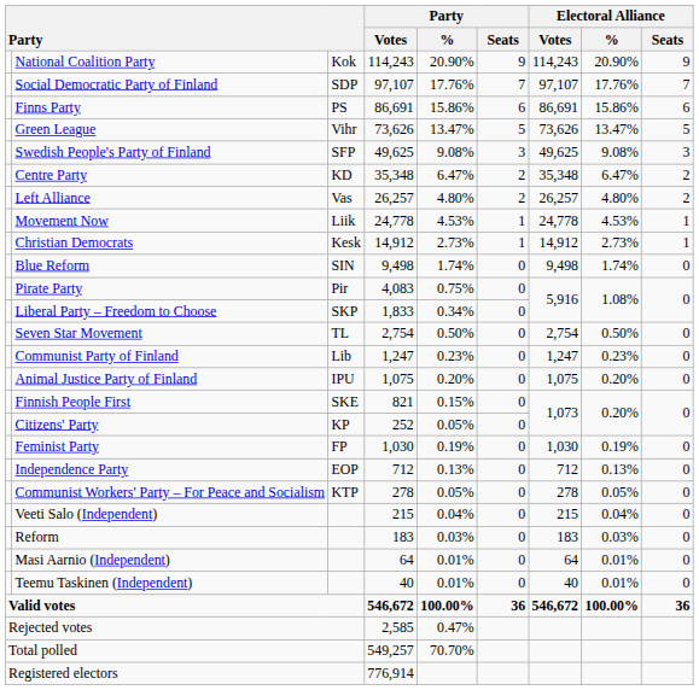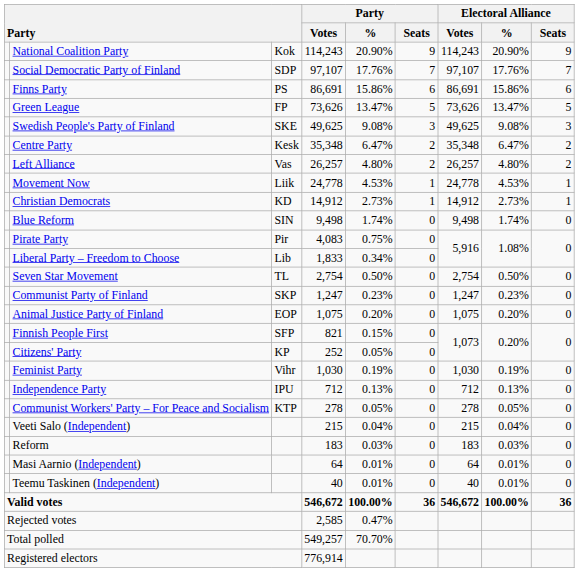 <table class="wikitable" border="1" style="text-align:right;">
 <tr>
 <th style="text-align:left;" valign=bottom rowspan=2 colspan=3>Party</th>
 <th colspan=3>Party</th>
 <th colspan=3>Electoral Alliance</th>
 </tr>
 <tr>
 <th align=center valign=bottom width="50">Votes</th>
 <th align=center valign=bottom width="50">%</th>
 <th align=center valign=bottom width="50">Seats</th>
 <th align=center valign=bottom width="50">Votes</th>
 <th align=center valign=bottom width="50">%</th>
 <th align=center valign=bottom width="50">Seats</th>
 </tr>
 <tr>
 <td></td>
 <td align=left><a href='#'>National Coalition Party</a></td>
 <td align=left>Kok</td>
 <td>114,243</td>
 <td>20.90%</td>
 <td>9</td>
 <td>114,243</td>
 <td>20.90%</td>
 <td>9</td>
 </tr>
 <tr>
 <td></td>
 <td align=left style="white-space: nowrap;"><a href='#'>Social Democratic Party of Finland</a></td>
 <td align=left>SDP</td>
 <td>97,107</td>
 <td>17.76%</td>
 <td>7</td>
 <td>97,107</td>
 <td>17.76%</td>
 <td>7</td>
 </tr>
 <tr>
 <td></td>
 <td align=left><a href='#'>Finns Party</a></td>
 <td align=left>PS</td>
 <td>86,691</td>
 <td>15.86%</td>
 <td>6</td>
 <td>86,691</td>
 <td>15.86%</td>
 <td>6</td>
 </tr>
 <tr>
 <td></td>
 <td align=left><a href='#'>Green League</a></td>
-<td align=left>Vihr</td>
+<td align=left>FP</td>
 <td>73,626</td>
 <td>13.47%</td>
 <td>5</td>
 <td>73,626</td>
 <td>13.47%</td>
 <td>5</td>
 </tr>
 <tr>
 <td></td>
 <td align=left><a href='#'>Swedish People's Party of Finland</a></td>
-<td align=left>SFP</td>
+<td align=left>SKE</td>
 <td>49,625</td>
 <td>9.08%</td>
 <td>3</td>
 <td>49,625</td>
 <td>9.08%</td>
 <td>3</td>
 </tr>
 <tr>
 <td></td>
 <td align=left><a href='#'>Centre Party</a></td>
-<td align=left>KD</td>
+<td align=left>Kesk</td>
 <td>35,348</td>
 <td>6.47%</td>
 <td>2</td>
 <td>35,348</td>
 <td>6.47%</td>
 <td>2</td>
 </tr>
 <tr>
 <td></td>
 <td align=left><a href='#'>Left Alliance</a></td>
 <td align=left>Vas</td>
 <td>26,257</td>
 <td>4.80%</td>
 <td>2</td>
 <td>26,257</td>
 <td>4.80%</td>
 <td>2</td>
 </tr>
 <tr>
 <td></td>
 <td align=left><a href='#'>Movement Now</a></td>
 <td align=left>Liik</td>
 <td>24,778</td>
 <td>4.53%</td>
 <td>1</td>
 <td>24,778</td>
 <td>4.53%</td>
 <td>1</td>
 </tr>
 <tr>
 <td></td>
 <td align=left><a href='#'>Christian Democrats</a></td>
-<td align=left>Kesk</td>
+<td align=left>KD</td>
 <td>14,912</td>
 <td>2.73%</td>
 <td>1</td>
 <td>14,912</td>
 <td>2.73%</td>
 <td>1</td>
 </tr>
 <tr>
 <td></td>
 <td align=left><a href='#'>Blue Reform</a></td>
 <td align=left>SIN</td>
 <td>9,498</td>
 <td>1.74%</td>
 <td>0</td>
 <td>9,498</td>
 <td>1.74%</td>
 <td>0</td>
 </tr>
 <tr>
 <td></td>
 <td align=left><a href='#'>Pirate Party</a></td>
 <td align=left>Pir</td>
 <td>4,083</td>
 <td>0.75%</td>
 <td>0</td>
 <td rowspan=2>5,916</td>
 <td rowspan=2>1.08%</td>
 <td rowspan=2>0</td>
 </tr>
 <tr>
 <td></td>
 <td align=left><a href='#'>Liberal Party – Freedom to Choose</a></td>
-<td align=left>SKP</td>
+<td align=left>Lib</td>
 <td>1,833</td>
 <td>0.34%</td>
 <td>0</td>
 </tr>
 <tr>
 <td></td>
 <td align=left><a href='#'>Seven Star Movement</a></td>
 <td align=left>TL</td>
 <td>2,754</td>
 <td>0.50%</td>
 <td>0</td>
 <td>2,754</td>
 <td>0.50%</td>
 <td>0</td>
 </tr>
 <tr>
 <td></td>
 <td align=left><a href='#'>Communist Party of Finland</a></td>
-<td align=left>Lib</td>
+<td align=left>SKP</td>
 <td>1,247</td>
 <td>0.23%</td>
 <td>0</td>
 <td>1,247</td>
 <td>0.23%</td>
 <td>0</td>
 </tr>
 <tr>
 <td></td>
 <td align=left><a href='#'>Animal Justice Party of Finland</a></td>
-<td align=left>IPU</td>
+<td align=left>EOP</td>
 <td>1,075</td>
 <td>0.20%</td>
 <td>0</td>
 <td>1,075</td>
 <td>0.20%</td>
 <td>0</td>
 </tr>
 <tr>
 <td></td>
 <td align=left><a href='#'>Finnish People First</a></td>
-<td align=left>SKE</td>
+<td align=left>SFP</td>
 <td>821</td>
 <td>0.15%</td>
 <td>0</td>
 <td rowspan=2>1,073</td>
 <td rowspan=2>0.20%</td>
 <td rowspan=2>0</td>
 </tr>
 <tr>
 <td></td>
 <td align=left><a href='#'>Citizens' Party</a></td>
 <td align=left>KP</td>
 <td>252</td>
 <td>0.05%</td>
 <td>0</td>
 </tr>
 <tr>
 <td></td>
 <td align=left><a href='#'>Feminist Party</a></td>
-<td align=left>FP</td>
+<td align=left>Vihr</td>
 <td>1,030</td>
 <td>0.19%</td>
 <td>0</td>
 <td>1,030</td>
 <td>0.19%</td>
 <td>0</td>
 </tr>
 <tr>
 <td></td>
 <td align=left><a href='#'>Independence Party</a></td>
-<td align=left>EOP</td>
+<td align=left>IPU</td>
 <td>712</td>
 <td>0.13%</td>
 <td>0</td>
 <td>712</td>
 <td>0.13%</td>
 <td>0</td>
 </tr>
 <tr>
 <td></td>
 <td align=left><a href='#'>Communist Workers' Party – For Peace and Socialism</a></td>
 <td align=left>KTP</td>
 <td>278</td>
 <td>0.05%</td>
 <td>0</td>
 <td>278</td>
 <td>0.05%</td>
 <td>0</td>
 </tr>
 <tr>
 <td></td>
 <td align=left>Veeti Salo (<a href='#'>Independent</a>)</td>
 <td align=left></td>
 <td>215</td>
 <td>0.04%</td>
 <td>0</td>
 <td>215</td>
 <td>0.04%</td>
 <td>0</td>
 </tr>
 <tr>
 <td></td>
 <td align=left>Reform</td>
 <td align=left></td>
 <td>183</td>
 <td>0.03%</td>
 <td>0</td>
 <td>183</td>
 <td>0.03%</td>
 <td>0</td>
 </tr>
 <tr>
 <td></td>
 <td align=left>Masi Aarnio (<a href='#'>Independent</a>)</td>
 <td align=left></td>
 <td>64</td>
 <td>0.01%</td>
 <td>0</td>
 <td>64</td>
 <td>0.01%</td>
 <td>0</td>
 </tr>
 <tr>
 <td></td>
 <td align=left>Teemu Taskinen (<a href='#'>Independent</a>)</td>
 <td align=left></td>
 <td>40</td>
 <td>0.01%</td>
 <td>0</td>
 <td>40</td>
 <td>0.01%</td>
 <td>0</td>
 </tr>
 <tr style="font-weight:bold">
 <td align=left colspan=3>Valid votes</td>
 <td>546,672</td>
 <td>100.00%</td>
 <td>36</td>
 <td>546,672</td>
 <td>100.00%</td>
 <td>36</td>
 </tr>
 <tr>
 <td align=left colspan=3>Rejected votes</td>
 <td>2,585</td>
 <td>0.47%</td>
 <td></td>
 <td></td>
 <td></td>
 <td></td>
 </tr>
 <tr>
 <td align=left colspan=3>Total polled</td>
 <td>549,257</td>
 <td>70.70%</td>
 <td></td>
 <td></td>
 <td></td>
 <td></td>
 </tr>
 <tr>
 <td align=left colspan=3>Registered electors</td>
 <td>776,914</td>
 <td></td>
 <td></td>
 <td></td>
 <td></td>
 <td></td>
 </tr>
 </table>
